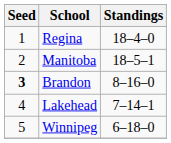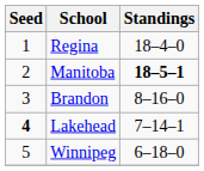 <table class="wikitable">
 <tr>
 <th>Seed</th>
 <th>School</th>
 <th>Standings</th>
 </tr>
 <tr>
 <td align=center>1</td>
 <td><a href='#'>Regina</a></td>
 <td align=center>18–4–0</td>
 </tr>
 <tr>
 <td align=center>2</td>
 <td><a href='#'>Manitoba</a></td>
-<td align=center>18–5–1</td>
+<td align=center><strong>18–5–1</strong></td>
 </tr>
 <tr>
-<td align=center><strong>3</strong></td>
+<td align=center>3</td>
 <td><a href='#'>Brandon</a></td>
 <td align=center>8–16–0</td>
 </tr>
 <tr>
-<td align=center>4</td>
+<td align=center><strong>4</strong></td>
 <td><a href='#'>Lakehead</a></td>
 <td align=center>7–14–1</td>
 </tr>
 <tr>
 <td align=center>5</td>
 <td><a href='#'>Winnipeg</a></td>
 <td align=center>6–18–0</td>
 </tr>
 <tr>
 </tr>
 </table>
